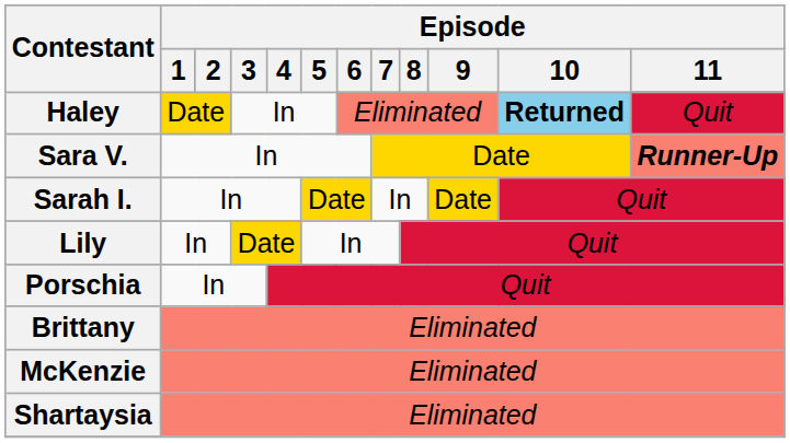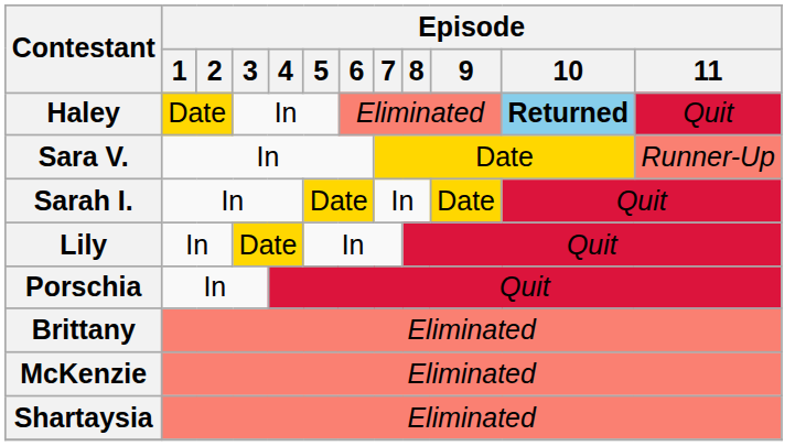 <table class="wikitable" style="text-align:center; font-size:90%;">
 <tr>
 <th rowspan="2">Contestant</th>
 <th colspan="11">Episode</th>
 </tr>
 <tr>
 <th>1</th>
 <th>2</th>
 <th>3</th>
 <th>4</th>
 <th>5</th>
 <th>6</th>
 <th>7</th>
 <th>8</th>
 <th>9</th>
 <th>10</th>
 <th>11</th>
 </tr>
 <tr>
 <th>Haley</th>
 <td colspan="2" style="background:gold;">Date</td>
 <td colspan="3">In</td>
 <td style="background:salmon;" colspan="4"><em>Eliminated</em></td>
 <td bgcolor="skyblue"><strong>Returned</strong></td>
 <td style="background:crimson;"><span><em>Quit</em></span></td>
 </tr>
 <tr>
 <th>Sara V.</th>
 <td colspan="6">In</td>
 <td colspan="4" style="background:gold;">Date</td>
-<td bgcolor="salmon"><strong><em>Runner-Up</em></strong></td>
+<td bgcolor="salmon"><em>Runner-Up</em></td>
 </tr>
 <tr>
 <th>Sarah I.</th>
 <td colspan="4">In</td>
 <td colspan="2" style="background:gold;">Date</td>
 <td colspan="2">In</td>
 <td style="background:gold;">Date</td>
 <td style="background:crimson;" colspan="2"><span><em>Quit</em></span></td>
 </tr>
 <tr>
 <th>Lily</th>
 <td colspan="2">In</td>
 <td colspan="2" style="background:gold;">Date</td>
 <td colspan="3">In</td>
 <td style="background:crimson;" colspan="4"><span><em>Quit</em></span></td>
 </tr>
 <tr>
 <th>Porschia</th>
 <td colspan="3">In</td>
 <td style="background:crimson;" colspan="8"><span><em>Quit</em></span></td>
 </tr>
 <tr>
 <th>Brittany</th>
 <td style="background:salmon;" colspan="11"><em>Eliminated</em></td>
 </tr>
 <tr>
 <th>McKenzie</th>
 <td style="background:salmon;" colspan="11"><em>Eliminated</em></td>
 </tr>
 <tr>
 <th>Shartaysia</th>
 <td style="background:salmon;" colspan="11"><em>Eliminated</em></td>
 </tr>
 <tr>
 </tr>
 </table>
